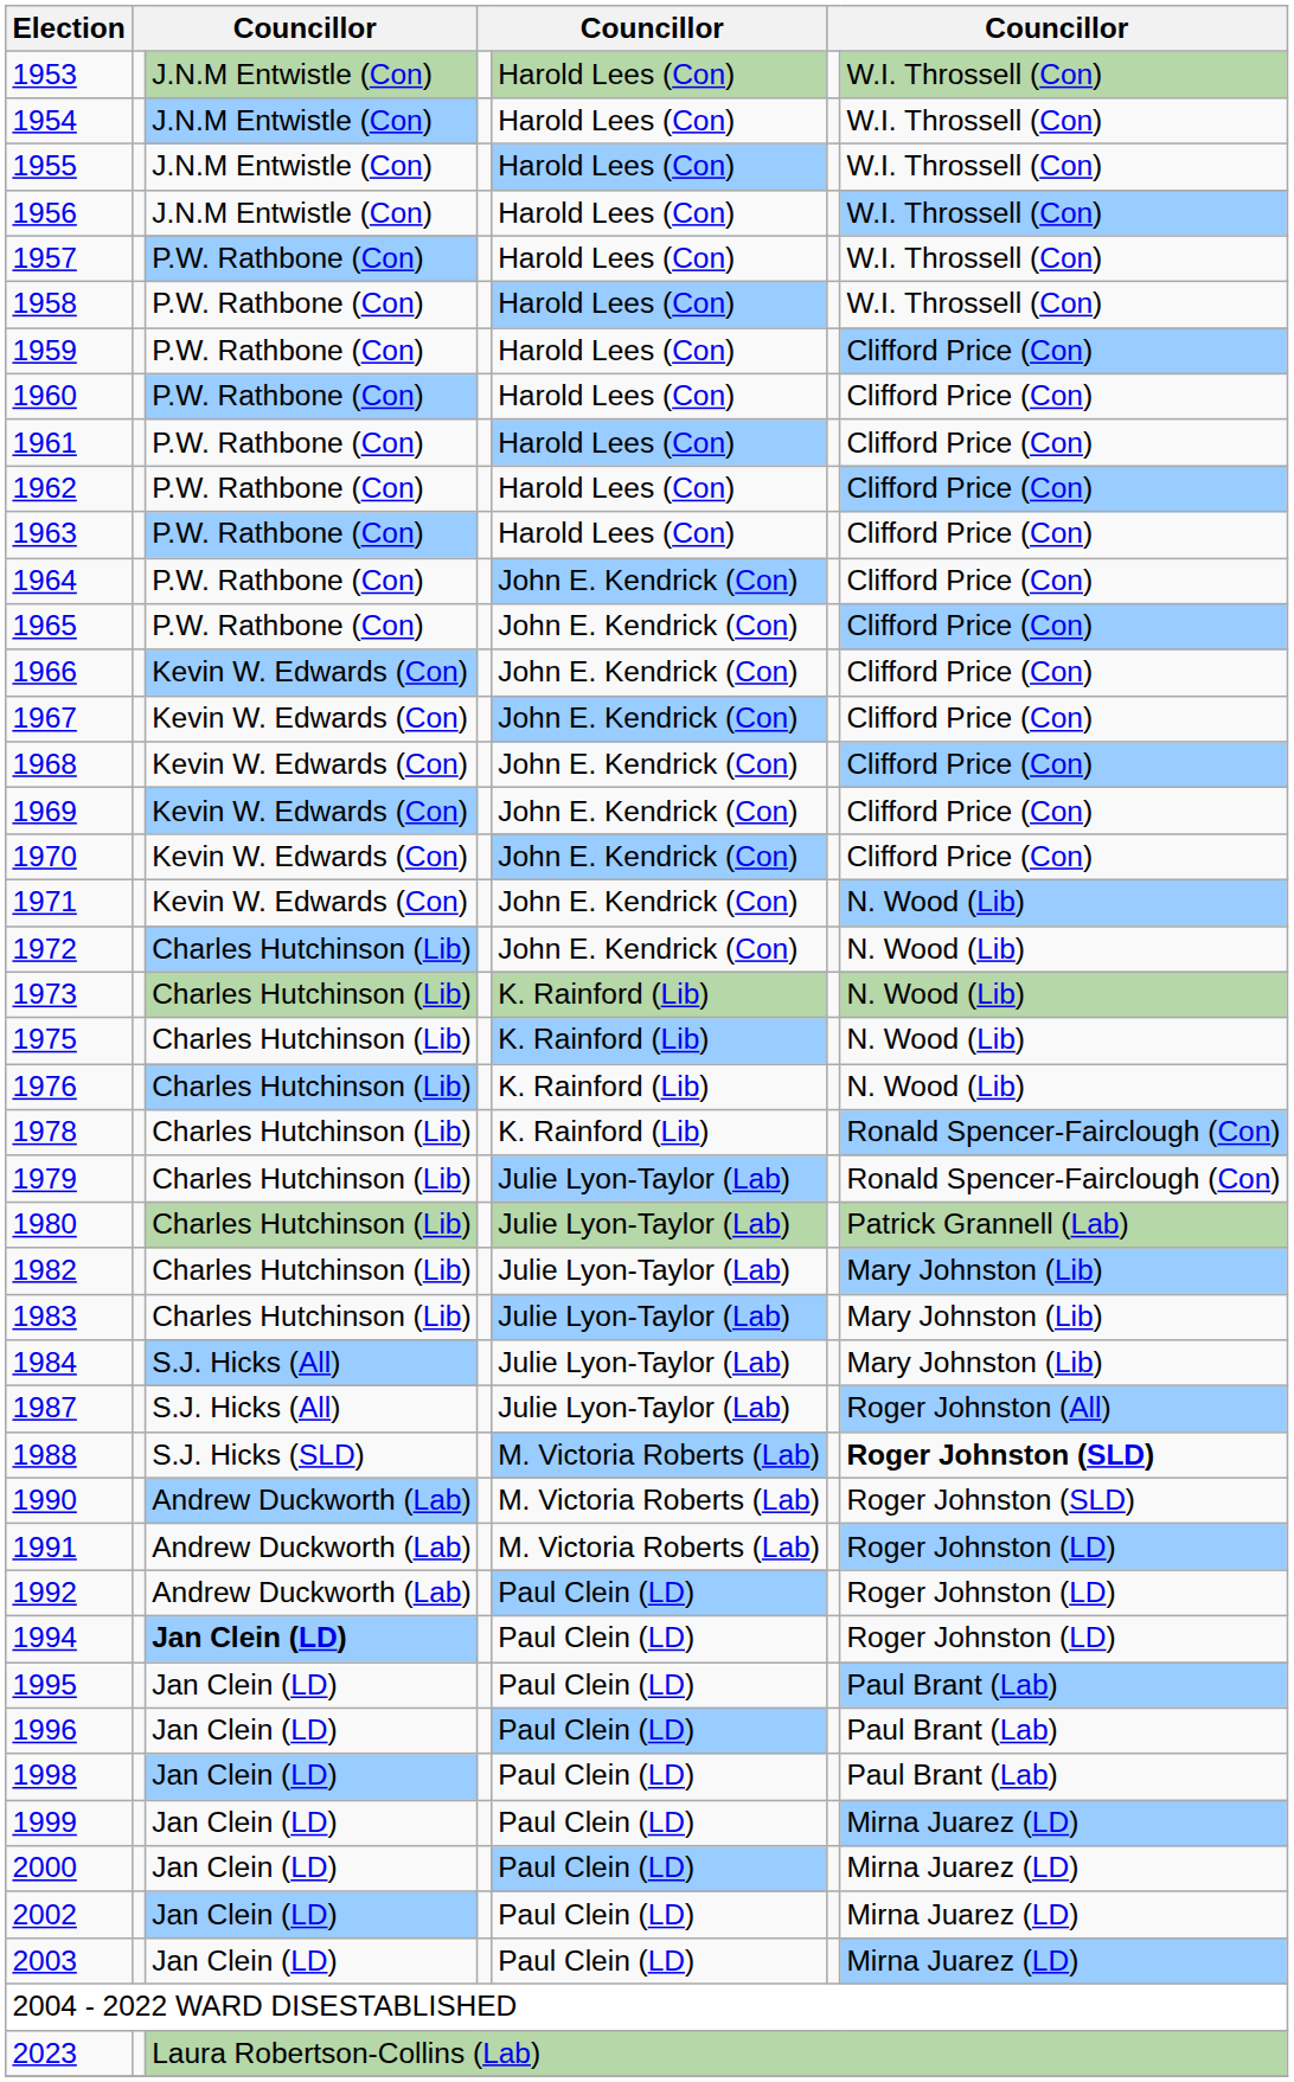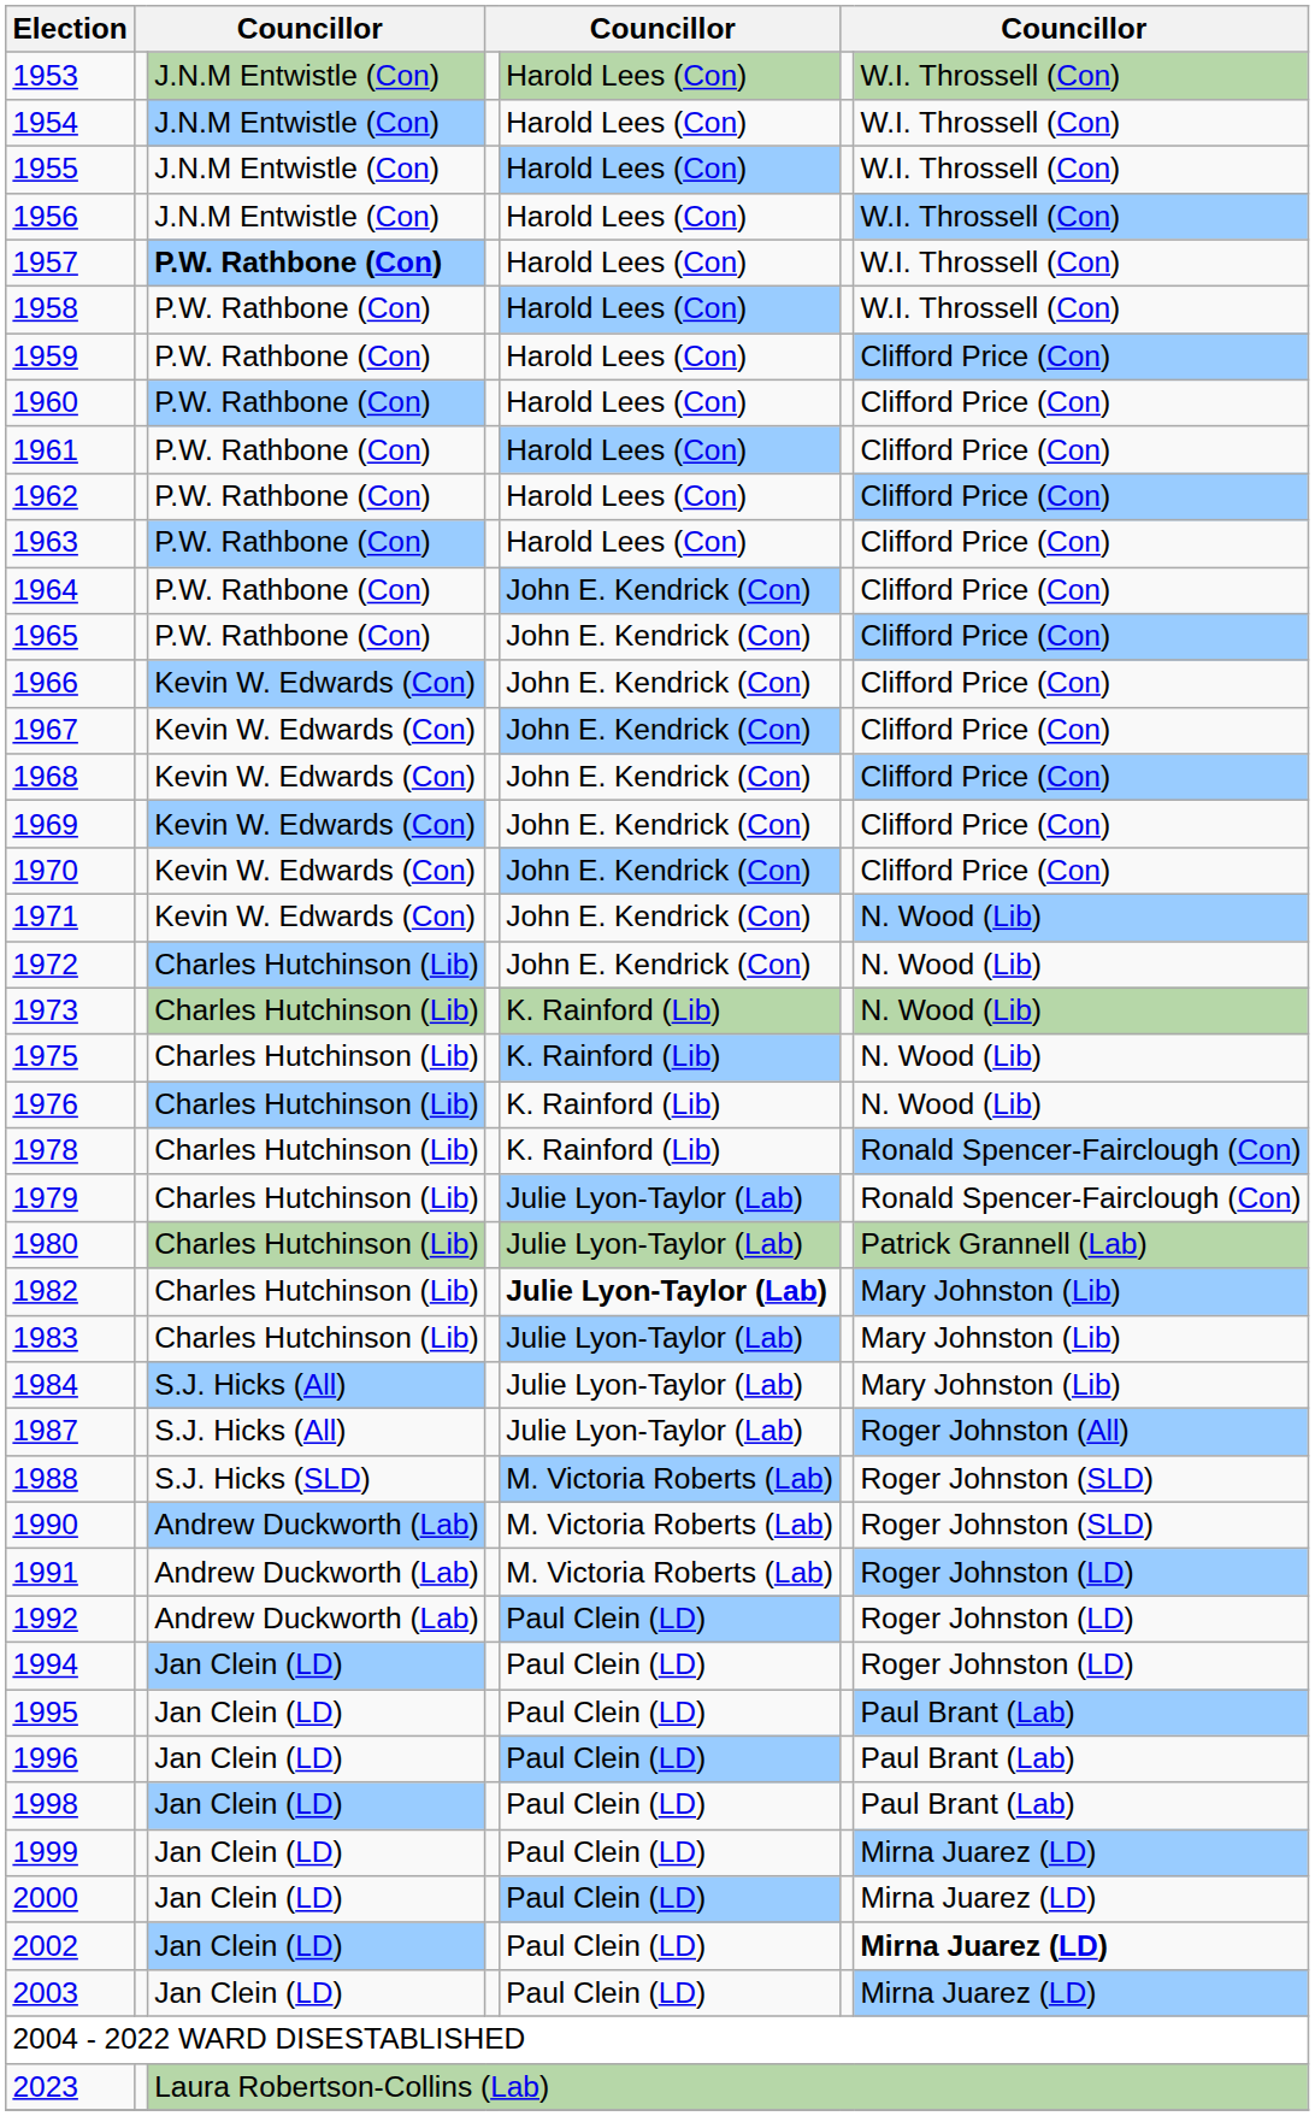 <table class="wikitable">
 <tr>
 <th>Election</th>
 <th colspan="2">Councillor</th>
 <th colspan="2">Councillor</th>
 <th colspan="2">Councillor</th>
 </tr>
 <tr>
 <td><a href='#'>1953</a></td>
 <td style="background-color: "></td>
 <td bgcolor="#B6D7A8">J.N.M Entwistle (<a href='#'>Con</a>)</td>
 <td style="background-color: "></td>
 <td bgcolor="#B6D7A8">Harold Lees (<a href='#'>Con</a>)</td>
 <td style="background-color: "></td>
 <td bgcolor="#B6D7A8">W.I. Throssell (<a href='#'>Con</a>)</td>
 </tr>
 <tr>
 <td><a href='#'>1954</a></td>
 <td style="background-color: "></td>
 <td bgcolor="#99CCFF">J.N.M Entwistle (<a href='#'>Con</a>)</td>
 <td style="background-color: "></td>
 <td>Harold Lees (<a href='#'>Con</a>)</td>
 <td style="background-color: "></td>
 <td>W.I. Throssell (<a href='#'>Con</a>)</td>
 </tr>
 <tr>
 <td><a href='#'>1955</a></td>
 <td style="background-color: "></td>
 <td>J.N.M Entwistle (<a href='#'>Con</a>)</td>
 <td style="background-color: "></td>
 <td bgcolor="#99CCFF">Harold Lees (<a href='#'>Con</a>)</td>
 <td style="background-color: "></td>
 <td>W.I. Throssell (<a href='#'>Con</a>)</td>
 </tr>
 <tr>
 <td><a href='#'>1956</a></td>
 <td style="background-color: "></td>
 <td>J.N.M Entwistle (<a href='#'>Con</a>)</td>
 <td style="background-color: "></td>
 <td>Harold Lees (<a href='#'>Con</a>)</td>
 <td style="background-color: "></td>
 <td bgcolor="#99CCFF">W.I. Throssell (<a href='#'>Con</a>)</td>
 </tr>
 <tr>
 <td><a href='#'>1957</a></td>
 <td style="background-color: "></td>
-<td bgcolor="#99CCFF">P.W. Rathbone (<a href='#'>Con</a>)</td>
+<td bgcolor="#99CCFF"><strong>P.W. Rathbone (<a href='#'>Con</a>)</strong></td>
 <td style="background-color: "></td>
 <td>Harold Lees (<a href='#'>Con</a>)</td>
 <td style="background-color: "></td>
 <td>W.I. Throssell (<a href='#'>Con</a>)</td>
 </tr>
 <tr>
 <td><a href='#'>1958</a></td>
 <td style="background-color: "></td>
 <td>P.W. Rathbone (<a href='#'>Con</a>)</td>
 <td style="background-color: "></td>
 <td bgcolor="#99CCFF">Harold Lees (<a href='#'>Con</a>)</td>
 <td style="background-color: "></td>
 <td>W.I. Throssell (<a href='#'>Con</a>)</td>
 </tr>
 <tr>
 <td><a href='#'>1959</a></td>
 <td style="background-color: "></td>
 <td>P.W. Rathbone (<a href='#'>Con</a>)</td>
 <td style="background-color: "></td>
 <td>Harold Lees (<a href='#'>Con</a>)</td>
 <td style="background-color: "></td>
 <td bgcolor="#99CCFF">Clifford Price (<a href='#'>Con</a>)</td>
 </tr>
 <tr>
 <td><a href='#'>1960</a></td>
 <td style="background-color: "></td>
 <td bgcolor="#99CCFF">P.W. Rathbone (<a href='#'>Con</a>)</td>
 <td style="background-color: "></td>
 <td>Harold Lees (<a href='#'>Con</a>)</td>
 <td style="background-color: "></td>
 <td>Clifford Price (<a href='#'>Con</a>)</td>
 </tr>
 <tr>
 <td><a href='#'>1961</a></td>
 <td style="background-color: "></td>
 <td>P.W. Rathbone (<a href='#'>Con</a>)</td>
 <td style="background-color: "></td>
 <td bgcolor="#99CCFF">Harold Lees (<a href='#'>Con</a>)</td>
 <td style="background-color: "></td>
 <td>Clifford Price (<a href='#'>Con</a>)</td>
 </tr>
 <tr>
 <td><a href='#'>1962</a></td>
 <td style="background-color: "></td>
 <td>P.W. Rathbone (<a href='#'>Con</a>)</td>
 <td style="background-color: "></td>
 <td>Harold Lees (<a href='#'>Con</a>)</td>
 <td style="background-color: "></td>
 <td bgcolor="#99CCFF">Clifford Price (<a href='#'>Con</a>)</td>
 </tr>
 <tr>
 <td><a href='#'>1963</a></td>
 <td style="background-color: "></td>
 <td bgcolor="#99CCFF">P.W. Rathbone (<a href='#'>Con</a>)</td>
 <td style="background-color: "></td>
 <td>Harold Lees (<a href='#'>Con</a>)</td>
 <td style="background-color: "></td>
 <td>Clifford Price (<a href='#'>Con</a>)</td>
 </tr>
 <tr>
 <td><a href='#'>1964</a></td>
 <td style="background-color: "></td>
 <td>P.W. Rathbone (<a href='#'>Con</a>)</td>
 <td style="background-color: "></td>
 <td bgcolor="#99CCFF">John E. Kendrick (<a href='#'>Con</a>)</td>
 <td style="background-color: "></td>
 <td>Clifford Price (<a href='#'>Con</a>)</td>
 </tr>
 <tr>
 <td><a href='#'>1965</a></td>
 <td style="background-color: "></td>
 <td>P.W. Rathbone (<a href='#'>Con</a>)</td>
 <td style="background-color: "></td>
 <td>John E. Kendrick (<a href='#'>Con</a>)</td>
 <td style="background-color: "></td>
 <td bgcolor="#99CCFF">Clifford Price (<a href='#'>Con</a>)</td>
 </tr>
 <tr>
 <td><a href='#'>1966</a></td>
 <td style="background-color: "></td>
 <td bgcolor="#99CCFF">Kevin W. Edwards (<a href='#'>Con</a>)</td>
 <td style="background-color: "></td>
 <td>John E. Kendrick (<a href='#'>Con</a>)</td>
 <td style="background-color: "></td>
 <td>Clifford Price (<a href='#'>Con</a>)</td>
 </tr>
 <tr>
 <td><a href='#'>1967</a></td>
 <td style="background-color: "></td>
 <td>Kevin W. Edwards (<a href='#'>Con</a>)</td>
 <td style="background-color: "></td>
 <td bgcolor="#99CCFF">John E. Kendrick (<a href='#'>Con</a>)</td>
 <td style="background-color: "></td>
 <td>Clifford Price (<a href='#'>Con</a>)</td>
 </tr>
 <tr>
 <td><a href='#'>1968</a></td>
 <td style="background-color: "></td>
 <td>Kevin W. Edwards (<a href='#'>Con</a>)</td>
 <td style="background-color: "></td>
 <td>John E. Kendrick (<a href='#'>Con</a>)</td>
 <td style="background-color: "></td>
 <td bgcolor="#99CCFF">Clifford Price (<a href='#'>Con</a>)</td>
 </tr>
 <tr>
 <td><a href='#'>1969</a></td>
 <td style="background-color: "></td>
 <td bgcolor="#99CCFF">Kevin W. Edwards (<a href='#'>Con</a>)</td>
 <td style="background-color: "></td>
 <td>John E. Kendrick (<a href='#'>Con</a>)</td>
 <td style="background-color: "></td>
 <td>Clifford Price (<a href='#'>Con</a>)</td>
 </tr>
 <tr>
 <td><a href='#'>1970</a></td>
 <td style="background-color: "></td>
 <td>Kevin W. Edwards (<a href='#'>Con</a>)</td>
 <td style="background-color: "></td>
 <td bgcolor="#99CCFF">John E. Kendrick (<a href='#'>Con</a>)</td>
 <td style="background-color: "></td>
 <td>Clifford Price (<a href='#'>Con</a>)</td>
 </tr>
 <tr>
 <td><a href='#'>1971</a></td>
 <td style="background-color: "></td>
 <td>Kevin W. Edwards (<a href='#'>Con</a>)</td>
 <td style="background-color: "></td>
 <td>John E. Kendrick (<a href='#'>Con</a>)</td>
 <td style="background-color: "></td>
 <td bgcolor="#99CCFF">N. Wood (<a href='#'>Lib</a>)</td>
 </tr>
 <tr>
 <td><a href='#'>1972</a></td>
 <td style="background-color: "></td>
 <td bgcolor="#99CCFF">Charles Hutchinson (<a href='#'>Lib</a>)</td>
 <td style="background-color: "></td>
 <td>John E. Kendrick (<a href='#'>Con</a>)</td>
 <td style="background-color: "></td>
 <td>N. Wood (<a href='#'>Lib</a>)</td>
 </tr>
 <tr>
 <td><a href='#'>1973</a></td>
 <td style="background-color: "></td>
 <td bgcolor="#B6D7A8">Charles Hutchinson (<a href='#'>Lib</a>)</td>
 <td style="background-color: "></td>
 <td bgcolor="#B6D7A8">K. Rainford (<a href='#'>Lib</a>)</td>
 <td style="background-color: "></td>
 <td bgcolor="#B6D7A8">N. Wood (<a href='#'>Lib</a>)</td>
 </tr>
 <tr>
 <td><a href='#'>1975</a></td>
 <td style="background-color: "></td>
 <td>Charles Hutchinson (<a href='#'>Lib</a>)</td>
 <td style="background-color: "></td>
 <td bgcolor="#99CCFF">K. Rainford (<a href='#'>Lib</a>)</td>
 <td style="background-color: "></td>
 <td>N. Wood (<a href='#'>Lib</a>)</td>
 </tr>
 <tr>
 <td><a href='#'>1976</a></td>
 <td style="background-color: "></td>
 <td bgcolor="#99CCFF">Charles Hutchinson (<a href='#'>Lib</a>)</td>
 <td style="background-color: "></td>
 <td>K. Rainford (<a href='#'>Lib</a>)</td>
 <td style="background-color: "></td>
 <td>N. Wood (<a href='#'>Lib</a>)</td>
 </tr>
 <tr>
 <td><a href='#'>1978</a></td>
 <td style="background-color: "></td>
 <td>Charles Hutchinson (<a href='#'>Lib</a>)</td>
 <td style="background-color: "></td>
 <td>K. Rainford (<a href='#'>Lib</a>)</td>
 <td style="background-color: "></td>
 <td bgcolor="#99CCFF">Ronald Spencer-Fairclough (<a href='#'>Con</a>)</td>
 </tr>
 <tr>
 <td><a href='#'>1979</a></td>
 <td style="background-color: "></td>
 <td>Charles Hutchinson (<a href='#'>Lib</a>)</td>
 <td style="background-color: "></td>
 <td bgcolor="#99CCFF">Julie Lyon-Taylor (<a href='#'>Lab</a>)</td>
 <td style="background-color: "></td>
 <td>Ronald Spencer-Fairclough (<a href='#'>Con</a>)</td>
 </tr>
 <tr>
 <td><a href='#'>1980</a></td>
 <td style="background-color: "></td>
 <td bgcolor="#B6D7A8">Charles Hutchinson (<a href='#'>Lib</a>)</td>
 <td style="background-color: "></td>
 <td bgcolor="#B6D7A8">Julie Lyon-Taylor (<a href='#'>Lab</a>)</td>
 <td style="background-color: "></td>
 <td bgcolor="#B6D7A8">Patrick Grannell (<a href='#'>Lab</a>)</td>
 </tr>
 <tr>
 <td><a href='#'>1982</a></td>
 <td style="background-color: "></td>
 <td>Charles Hutchinson (<a href='#'>Lib</a>)</td>
 <td style="background-color: "></td>
-<td>Julie Lyon-Taylor (<a href='#'>Lab</a>)</td>
+<td><strong>Julie Lyon-Taylor (<a href='#'>Lab</a>)</strong></td>
 <td style="background-color: "></td>
 <td bgcolor="#99CCFF">Mary Johnston (<a href='#'>Lib</a>)</td>
 </tr>
 <tr>
 <td><a href='#'>1983</a></td>
 <td style="background-color: "></td>
 <td>Charles Hutchinson (<a href='#'>Lib</a>)</td>
 <td style="background-color: "></td>
 <td bgcolor="#99CCFF">Julie Lyon-Taylor (<a href='#'>Lab</a>)</td>
 <td style="background-color: "></td>
 <td>Mary Johnston (<a href='#'>Lib</a>)</td>
 </tr>
 <tr>
 <td><a href='#'>1984</a></td>
 <td style="background-color: "></td>
 <td bgcolor="#99CCFF">S.J. Hicks (<a href='#'>All</a>)</td>
 <td style="background-color: "></td>
 <td>Julie Lyon-Taylor (<a href='#'>Lab</a>)</td>
 <td style="background-color: "></td>
 <td>Mary Johnston (<a href='#'>Lib</a>)</td>
 </tr>
 <tr>
 <td><a href='#'>1987</a></td>
 <td style="background-color: "></td>
 <td>S.J. Hicks (<a href='#'>All</a>)</td>
 <td style="background-color: "></td>
 <td>Julie Lyon-Taylor (<a href='#'>Lab</a>)</td>
 <td style="background-color: "></td>
 <td bgcolor="#99CCFF">Roger Johnston (<a href='#'>All</a>)</td>
 </tr>
 <tr>
 <td><a href='#'>1988</a></td>
 <td style="background-color: "></td>
 <td>S.J. Hicks (<a href='#'>SLD</a>)</td>
 <td style="background-color: "></td>
 <td bgcolor="#99CCFF">M. Victoria Roberts (<a href='#'>Lab</a>)</td>
 <td style="background-color: "></td>
-<td><strong>Roger Johnston (<a href='#'>SLD</a>)</strong></td>
+<td>Roger Johnston (<a href='#'>SLD</a>)</td>
 </tr>
 <tr>
 <td><a href='#'>1990</a></td>
 <td style="background-color: "></td>
 <td bgcolor="#99CCFF">Andrew Duckworth (<a href='#'>Lab</a>)</td>
 <td style="background-color: "></td>
 <td>M. Victoria Roberts (<a href='#'>Lab</a>)</td>
 <td style="background-color: "></td>
 <td>Roger Johnston (<a href='#'>SLD</a>)</td>
 </tr>
 <tr>
 <td><a href='#'>1991</a></td>
 <td style="background-color: "></td>
 <td>Andrew Duckworth (<a href='#'>Lab</a>)</td>
 <td style="background-color: "></td>
 <td>M. Victoria Roberts (<a href='#'>Lab</a>)</td>
 <td style="background-color: "></td>
 <td bgcolor="#99CCFF">Roger Johnston (<a href='#'>LD</a>)</td>
 </tr>
 <tr>
 <td><a href='#'>1992</a></td>
 <td style="background-color: "></td>
 <td>Andrew Duckworth (<a href='#'>Lab</a>)</td>
 <td style="background-color: "></td>
 <td bgcolor="#99CCFF">Paul Clein (<a href='#'>LD</a>)</td>
 <td style="background-color: "></td>
 <td>Roger Johnston (<a href='#'>LD</a>)</td>
 </tr>
 <tr>
 <td><a href='#'>1994</a></td>
 <td style="background-color: "></td>
-<td bgcolor="#99CCFF"><strong>Jan Clein (<a href='#'>LD</a>)</strong></td>
+<td bgcolor="#99CCFF">Jan Clein (<a href='#'>LD</a>)</td>
 <td style="background-color: "></td>
 <td>Paul Clein (<a href='#'>LD</a>)</td>
 <td style="background-color: "></td>
 <td>Roger Johnston (<a href='#'>LD</a>)</td>
 </tr>
 <tr>
 <td><a href='#'>1995</a></td>
 <td style="background-color: "></td>
 <td>Jan Clein (<a href='#'>LD</a>)</td>
 <td style="background-color: "></td>
 <td>Paul Clein (<a href='#'>LD</a>)</td>
 <td style="background-color: "></td>
 <td bgcolor="#99CCFF">Paul Brant (<a href='#'>Lab</a>)</td>
 </tr>
 <tr>
 <td><a href='#'>1996</a></td>
 <td style="background-color: "></td>
 <td>Jan Clein (<a href='#'>LD</a>)</td>
 <td style="background-color: "></td>
 <td bgcolor="#99CCFF">Paul Clein (<a href='#'>LD</a>)</td>
 <td style="background-color: "></td>
 <td>Paul Brant (<a href='#'>Lab</a>)</td>
 </tr>
 <tr>
 <td><a href='#'>1998</a></td>
 <td style="background-color: "></td>
 <td bgcolor="#99CCFF">Jan Clein (<a href='#'>LD</a>)</td>
 <td style="background-color: "></td>
 <td>Paul Clein (<a href='#'>LD</a>)</td>
 <td style="background-color: "></td>
 <td>Paul Brant (<a href='#'>Lab</a>)</td>
 </tr>
 <tr>
 <td><a href='#'>1999</a></td>
 <td style="background-color: "></td>
 <td>Jan Clein (<a href='#'>LD</a>)</td>
 <td style="background-color: "></td>
 <td>Paul Clein (<a href='#'>LD</a>)</td>
 <td style="background-color: "></td>
 <td bgcolor="#99CCFF">Mirna Juarez (<a href='#'>LD</a>)</td>
 </tr>
 <tr>
 <td><a href='#'>2000</a></td>
 <td style="background-color: "></td>
 <td>Jan Clein (<a href='#'>LD</a>)</td>
 <td style="background-color: "></td>
 <td bgcolor="#99CCFF">Paul Clein (<a href='#'>LD</a>)</td>
 <td style="background-color: "></td>
 <td>Mirna Juarez (<a href='#'>LD</a>)</td>
 </tr>
 <tr>
 <td><a href='#'>2002</a></td>
 <td style="background-color: "></td>
 <td bgcolor="#99CCFF">Jan Clein (<a href='#'>LD</a>)</td>
 <td style="background-color: "></td>
 <td>Paul Clein (<a href='#'>LD</a>)</td>
 <td style="background-color: "></td>
-<td>Mirna Juarez (<a href='#'>LD</a>)</td>
+<td><strong>Mirna Juarez (<a href='#'>LD</a>)</strong></td>
 </tr>
 <tr>
 <td><a href='#'>2003</a></td>
 <td style="background-color: "></td>
 <td>Jan Clein (<a href='#'>LD</a>)</td>
 <td style="background-color: "></td>
 <td>Paul Clein (<a href='#'>LD</a>)</td>
 <td style="background-color: "></td>
 <td bgcolor="#99CCFF">Mirna Juarez (<a href='#'>LD</a>)</td>
 </tr>
 <tr>
 <td colspan="8" bgcolor="#FFF"><div>2004 - 2022 WARD DISESTABLISHED</div></td>
 </tr>
 <tr>
 <td><a href='#'>2023</a></td>
 <td style="background-color: "></td>
 <td colspan="6" bgcolor="#B6D7A8">Laura Robertson-Collins (<a href='#'>Lab</a>)</td>
 </tr>
 <tr>
 </tr>
 </table>
